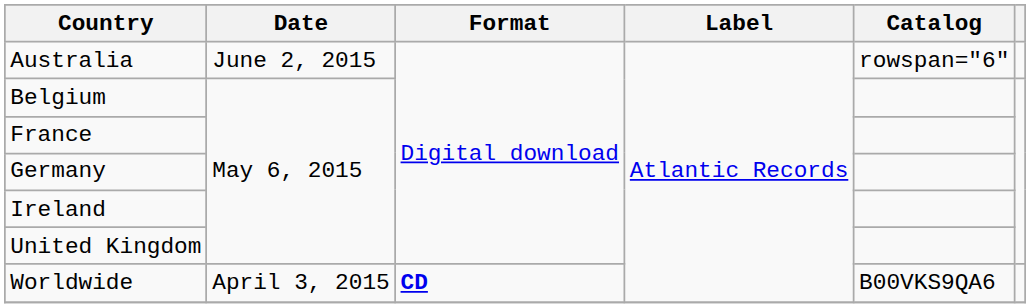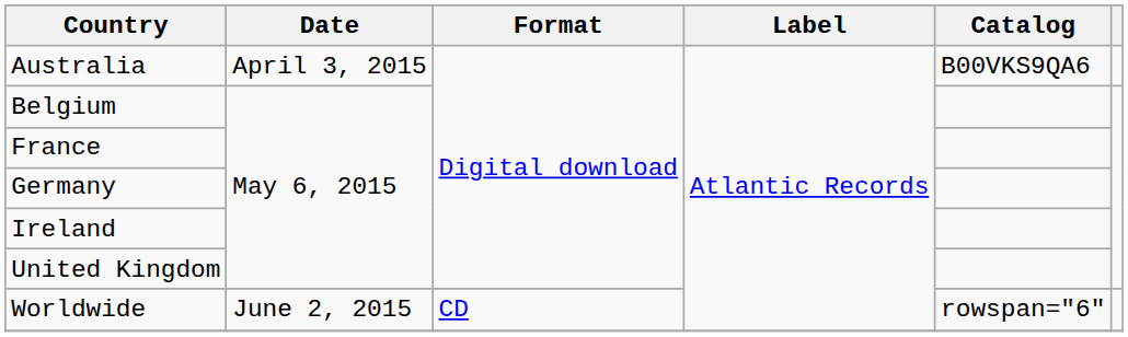 <table class="wikitable">
 <tr>
 <th>Country</th>
 <th>Date</th>
 <th>Format</th>
 <th>Label</th>
 <th>Catalog </th>
 <th></th>
 </tr>
 <tr>
 <td>Australia</td>
-<td>June 2, 2015</td>
+<td>April 3, 2015</td>
 <td rowspan="6"><a href='#'>Digital download</a></td>
 <td rowspan="7"><a href='#'>Atlantic Records</a></td>
-<td>rowspan="6" </td>
+<td>B00VKS9QA6</td>
 <td></td>
 </tr>
 <tr>
 <td>Belgium</td>
 <td rowspan="5">May 6, 2015</td>
 <td></td>
 </tr>
 <tr>
 <td>France</td>
 <td></td>
 </tr>
 <tr>
 <td>Germany</td>
 <td></td>
 </tr>
 <tr>
 <td>Ireland</td>
 <td></td>
 </tr>
 <tr>
 <td>United Kingdom</td>
 <td></td>
 </tr>
 <tr>
 <td>Worldwide</td>
-<td>April 3, 2015</td>
-<td><strong><a href='#'>CD</a></strong></td>
-<td>B00VKS9QA6</td>
+<td>June 2, 2015</td>
+<td><a href='#'>CD</a></td>
+<td>rowspan="6" </td>
 <td></td>
 </tr>
 <tr>
 </tr>
 </table>
